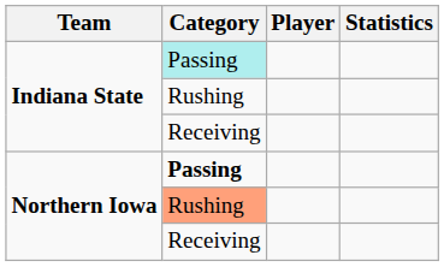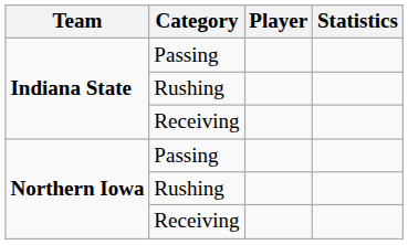 <table class="wikitable" style="float: right;">
 <tr>
 <th>Team</th>
 <th>Category</th>
 <th>Player</th>
 <th>Statistics</th>
 </tr>
 <tr>
 <td rowspan=3><strong>Indiana State</strong></td>
-<td style="background: paleturquoise;">Passing</td>
+<td>Passing</td>
 <td></td>
 <td></td>
 </tr>
 <tr>
 <td>Rushing</td>
 <td></td>
 <td></td>
 </tr>
 <tr>
 <td>Receiving</td>
 <td></td>
 <td></td>
 </tr>
 <tr>
 <td rowspan=3><strong>Northern Iowa</strong></td>
-<td><strong>Passing</strong></td>
+<td>Passing</td>
 <td></td>
 <td></td>
 </tr>
 <tr>
-<td style="background: lightsalmon;">Rushing</td>
+<td>Rushing</td>
 <td></td>
 <td></td>
 </tr>
 <tr>
 <td>Receiving</td>
 <td></td>
 <td></td>
 </tr>
 </table>
